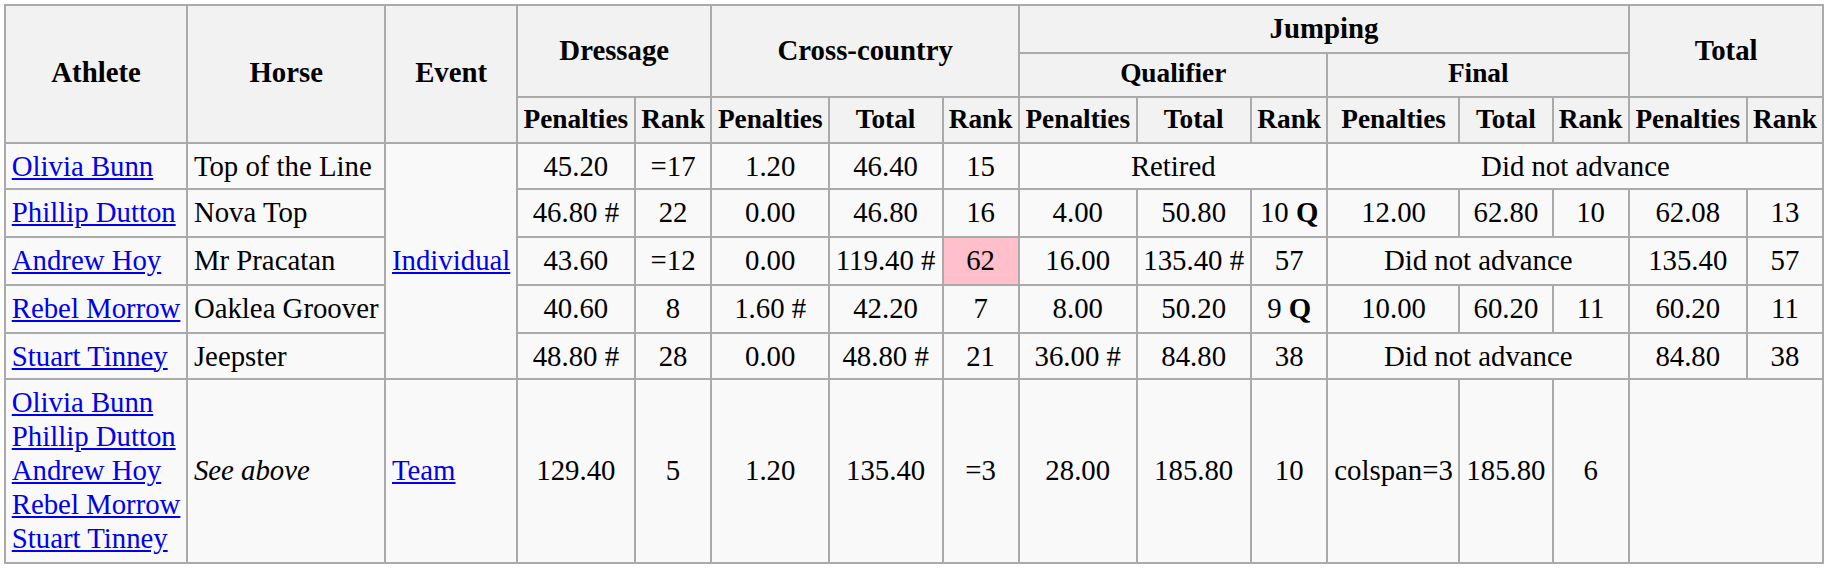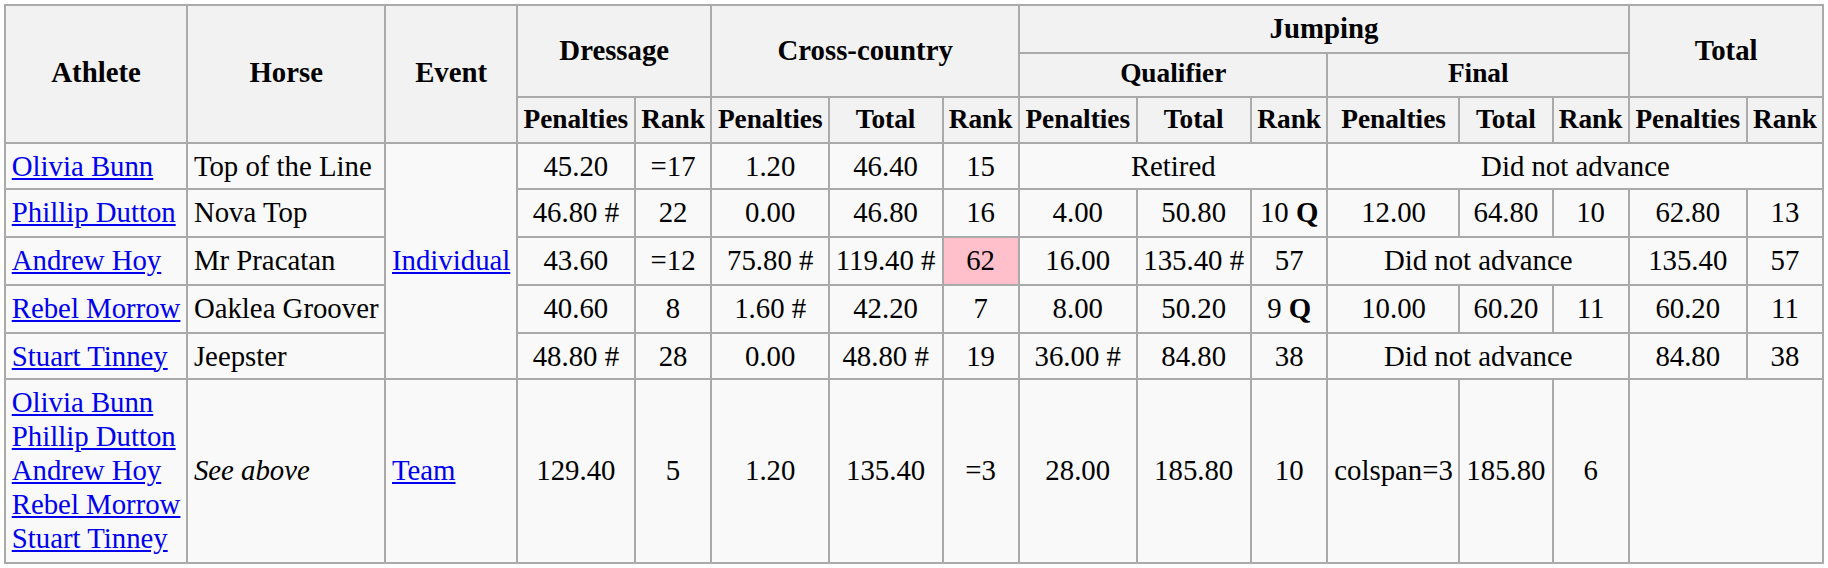 <table class=wikitable style="font-size:90%">
 <tr>
 <th rowspan="3">Athlete</th>
 <th rowspan="3">Horse</th>
 <th rowspan="3">Event</th>
 <th colspan="2" rowspan="2">Dressage</th>
 <th colspan="3" rowspan="2">Cross-country</th>
 <th colspan="6">Jumping</th>
 <th colspan="2" rowspan="2">Total</th>
 </tr>
 <tr style="font-size:95%">
 <th colspan="3">Qualifier</th>
 <th colspan="3">Final</th>
 </tr>
 <tr style="font-size:95%">
 <th>Penalties</th>
 <th>Rank</th>
 <th>Penalties</th>
 <th>Total</th>
 <th>Rank</th>
 <th>Penalties</th>
 <th>Total</th>
 <th>Rank</th>
 <th>Penalties</th>
 <th>Total</th>
 <th>Rank</th>
 <th>Penalties</th>
 <th>Rank</th>
 </tr>
 <tr align=center>
 <td align=left><a href='#'>Olivia Bunn</a></td>
 <td align=left>Top of the Line</td>
 <td align=left rowspan=5><a href='#'>Individual</a></td>
 <td>45.20</td>
 <td>=17</td>
 <td>1.20</td>
 <td>46.40</td>
 <td>15</td>
 <td colspan=3>Retired</td>
 <td colspan=5>Did not advance</td>
 </tr>
 <tr align=center>
 <td align=left><a href='#'>Phillip Dutton</a></td>
 <td align=left>Nova Top</td>
 <td>46.80 #</td>
 <td>22</td>
 <td>0.00</td>
 <td>46.80</td>
 <td>16</td>
 <td>4.00</td>
 <td>50.80</td>
 <td>10 <strong>Q</strong></td>
 <td>12.00</td>
+<td>64.80</td>
+<td>10</td>
 <td>62.80</td>
-<td>10</td>
-<td>62.08</td>
 <td>13</td>
 </tr>
 <tr align=center>
 <td align=left><a href='#'>Andrew Hoy</a></td>
 <td align=left>Mr Pracatan</td>
 <td>43.60</td>
 <td>=12</td>
-<td>0.00</td>
+<td>75.80 #</td>
 <td>119.40 #</td>
 <td style="background: pink;">62</td>
 <td>16.00</td>
 <td>135.40 #</td>
 <td>57</td>
 <td colspan=3>Did not advance</td>
 <td>135.40</td>
 <td>57</td>
 </tr>
 <tr align=center>
 <td align=left><a href='#'>Rebel Morrow</a></td>
 <td align=left>Oaklea Groover</td>
 <td>40.60</td>
 <td>8</td>
 <td>1.60 #</td>
 <td>42.20</td>
 <td>7</td>
 <td>8.00</td>
 <td>50.20</td>
 <td>9 <strong>Q</strong></td>
 <td>10.00</td>
 <td>60.20</td>
 <td>11</td>
 <td>60.20</td>
 <td>11</td>
 </tr>
 <tr align=center>
 <td align=left><a href='#'>Stuart Tinney</a></td>
 <td align=left>Jeepster</td>
 <td>48.80 #</td>
 <td>28</td>
 <td>0.00</td>
 <td>48.80 #</td>
-<td>21</td>
+<td>19</td>
 <td>36.00 #</td>
 <td>84.80</td>
 <td>38</td>
 <td colspan=3>Did not advance</td>
 <td>84.80</td>
 <td>38</td>
 </tr>
 <tr align=center>
 <td align=left><a href='#'>Olivia Bunn</a><br><a href='#'>Phillip Dutton</a><br><a href='#'>Andrew Hoy</a><br><a href='#'>Rebel Morrow</a><br><a href='#'>Stuart Tinney</a></td>
 <td align=left><em>See above</em></td>
 <td align=left><a href='#'>Team</a></td>
 <td>129.40</td>
 <td>5</td>
 <td>1.20</td>
 <td>135.40</td>
 <td>=3</td>
 <td>28.00</td>
 <td>185.80</td>
 <td>10</td>
 <td>colspan=3 </td>
 <td>185.80</td>
 <td>6</td>
 </tr>
 </table>
